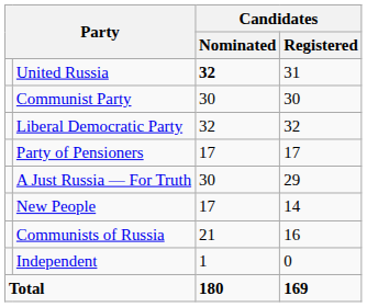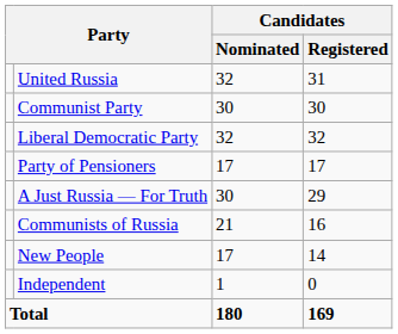 <table class="wikitable sortable" style="background: #f9f9f9; text-align:left; font-size: 95%">
 <tr>
 <th align=center rowspan=2 colspan=2>Party</th>
 <th align=center colspan=2>Candidates</th>
 </tr>
 <tr>
 <th align=center>Nominated</th>
 <th align=center>Registered</th>
 </tr>
 <tr>
 <td></td>
 <td><a href='#'>United Russia</a></td>
-<td><strong>32</strong></td>
+<td>32</td>
 <td>31</td>
 </tr>
 <tr>
 <td></td>
 <td><a href='#'>Communist Party</a></td>
 <td>30</td>
 <td>30</td>
 </tr>
 <tr>
 <td></td>
 <td><a href='#'>Liberal Democratic Party</a></td>
 <td>32</td>
 <td>32</td>
 </tr>
 <tr>
 <td></td>
 <td><a href='#'>Party of Pensioners</a></td>
 <td>17</td>
 <td>17</td>
 </tr>
 <tr>
 <td></td>
 <td><a href='#'>A Just Russia — For Truth</a></td>
 <td>30</td>
 <td>29</td>
 </tr>
 <tr>
 <td></td>
+<td><a href='#'>Communists of Russia</a></td>
+<td>21</td>
+<td>16</td>
+</tr>
+<tr>
+<td></td>
 <td><a href='#'>New People</a></td>
 <td>17</td>
 <td>14</td>
-</tr>
-<tr>
-<td></td>
-<td><a href='#'>Communists of Russia</a></td>
-<td>21</td>
-<td>16</td>
 </tr>
 <tr>
 <td></td>
 <td><a href='#'>Independent</a></td>
 <td>1</td>
 <td>0</td>
 </tr>
 <tr>
 <td colspan=2><strong>Total</strong></td>
 <td><strong>180</strong></td>
 <td><strong>169</strong></td>
 </tr>
 </table>
